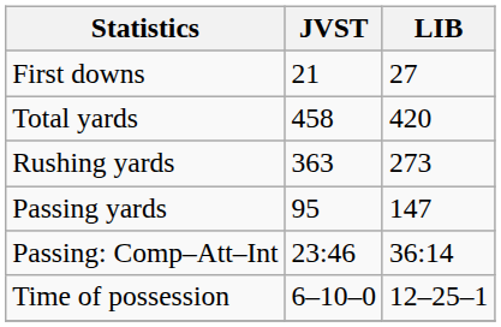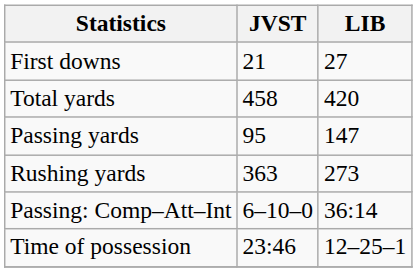 <table class="wikitable" style="float: left;">
 <tr>
 <th>Statistics</th>
 <th>JVST</th>
 <th>LIB</th>
 </tr>
 <tr>
 <td>First downs</td>
 <td>21</td>
 <td>27</td>
 </tr>
 <tr>
 <td>Total yards</td>
 <td>458</td>
 <td>420</td>
 </tr>
 <tr>
+<td>Passing yards</td>
+<td>95</td>
+<td>147</td>
+</tr>
+<tr>
 <td>Rushing yards</td>
 <td>363</td>
 <td>273</td>
 </tr>
 <tr>
-<td>Passing yards</td>
-<td>95</td>
-<td>147</td>
-</tr>
-<tr>
 <td>Passing: Comp–Att–Int</td>
-<td>23:46</td>
+<td>6–10–0</td>
 <td>36:14</td>
 </tr>
 <tr>
 <td>Time of possession</td>
-<td>6–10–0</td>
+<td>23:46</td>
 <td>12–25–1</td>
 </tr>
 <tr>
 </tr>
 </table>
